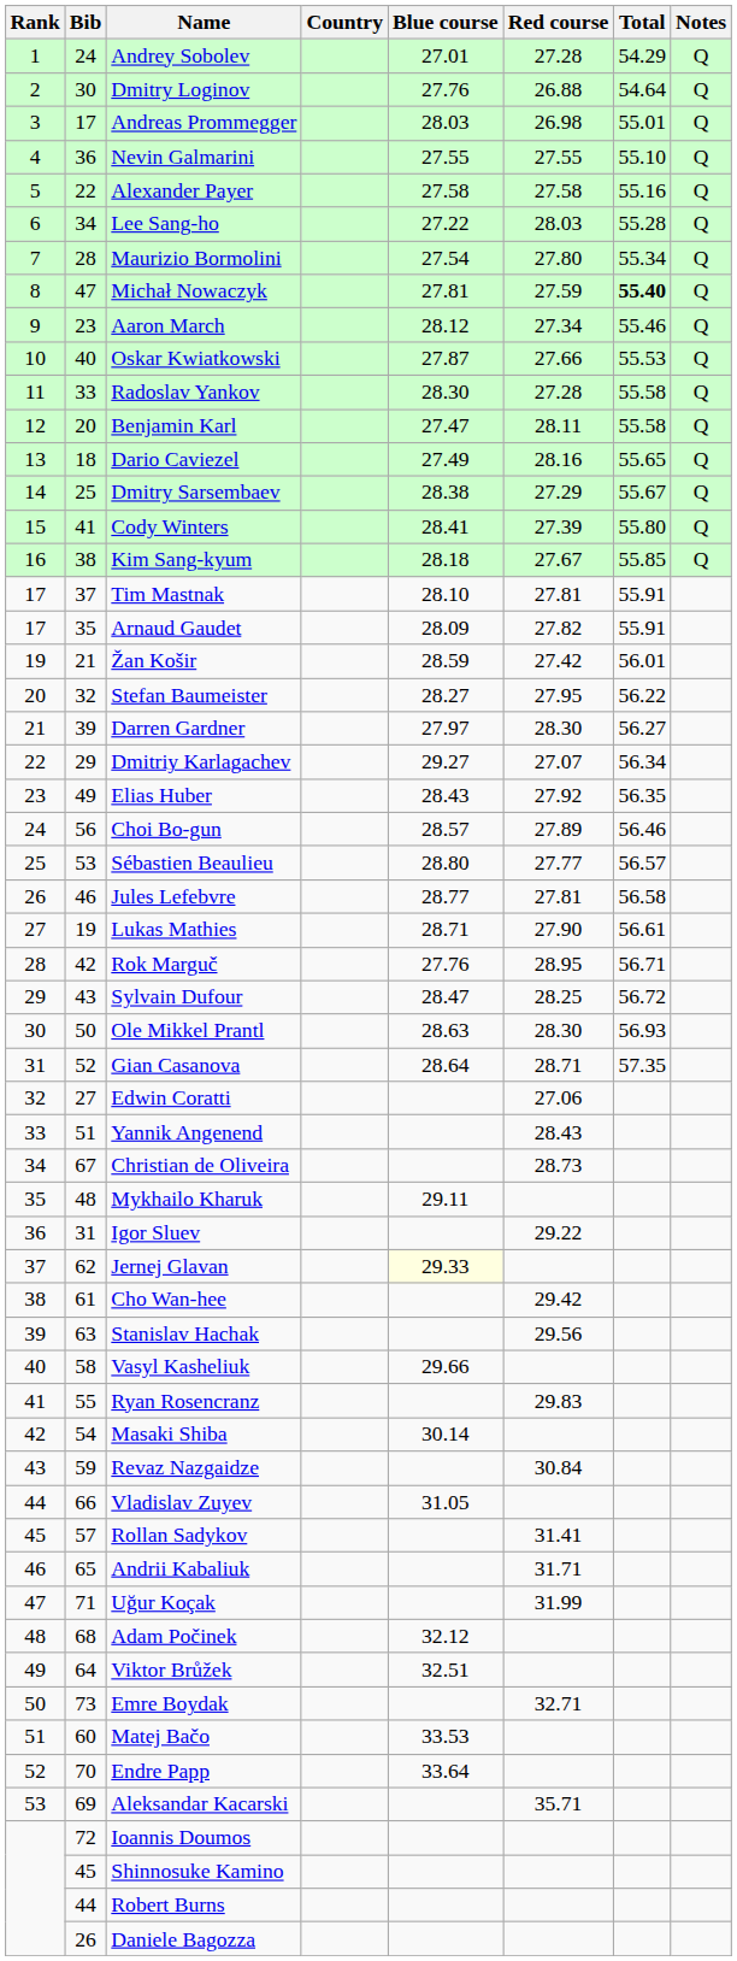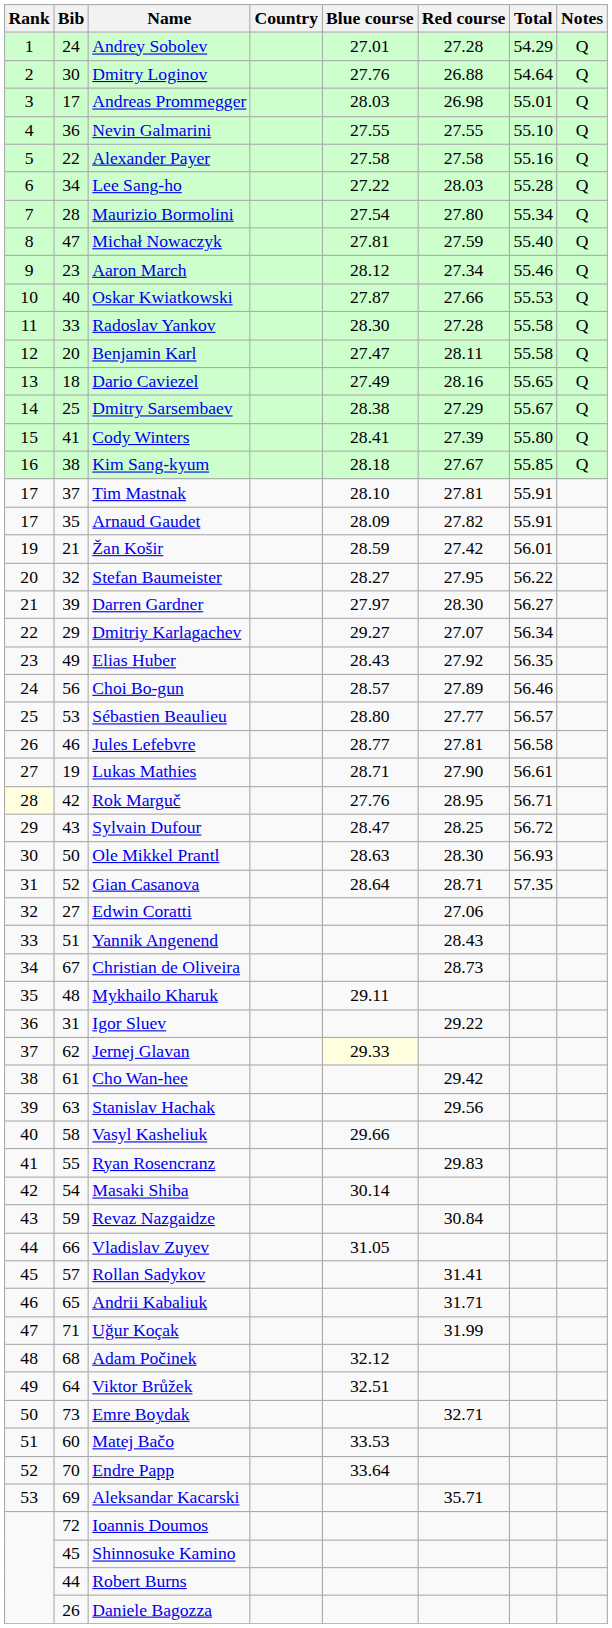 <table class="wikitable sortable" style="text-align:center">
 <tr>
 <th>Rank</th>
 <th>Bib</th>
 <th>Name</th>
 <th>Country</th>
 <th>Blue course</th>
 <th>Red course</th>
 <th>Total</th>
 <th>Notes</th>
 </tr>
 <tr bgcolor=ccffcc>
 <td>1</td>
 <td>24</td>
 <td align=left><a href='#'>Andrey Sobolev</a></td>
 <td align=left></td>
 <td>27.01</td>
 <td>27.28</td>
 <td>54.29</td>
 <td>Q</td>
 </tr>
 <tr bgcolor=ccffcc>
 <td>2</td>
 <td>30</td>
 <td align=left><a href='#'>Dmitry Loginov</a></td>
 <td align=left></td>
 <td>27.76</td>
 <td>26.88</td>
 <td>54.64</td>
 <td>Q</td>
 </tr>
 <tr bgcolor=ccffcc>
 <td>3</td>
 <td>17</td>
 <td align=left><a href='#'>Andreas Prommegger</a></td>
 <td align=left></td>
 <td>28.03</td>
 <td>26.98</td>
 <td>55.01</td>
 <td>Q</td>
 </tr>
 <tr bgcolor=ccffcc>
 <td>4</td>
 <td>36</td>
 <td align=left><a href='#'>Nevin Galmarini</a></td>
 <td align=left></td>
 <td>27.55</td>
 <td>27.55</td>
 <td>55.10</td>
 <td>Q</td>
 </tr>
 <tr bgcolor=ccffcc>
 <td>5</td>
 <td>22</td>
 <td align=left><a href='#'>Alexander Payer</a></td>
 <td align=left></td>
 <td>27.58</td>
 <td>27.58</td>
 <td>55.16</td>
 <td>Q</td>
 </tr>
 <tr bgcolor=ccffcc>
 <td>6</td>
 <td>34</td>
 <td align=left><a href='#'>Lee Sang-ho</a></td>
 <td align=left></td>
 <td>27.22</td>
 <td>28.03</td>
 <td>55.28</td>
 <td>Q</td>
 </tr>
 <tr bgcolor=ccffcc>
 <td>7</td>
 <td>28</td>
 <td align=left><a href='#'>Maurizio Bormolini</a></td>
 <td align=left></td>
 <td>27.54</td>
 <td>27.80</td>
 <td>55.34</td>
 <td>Q</td>
 </tr>
 <tr bgcolor=ccffcc>
 <td>8</td>
 <td>47</td>
 <td align=left><a href='#'>Michał Nowaczyk</a></td>
 <td align=left></td>
 <td>27.81</td>
 <td>27.59</td>
-<td><strong>55.40</strong></td>
+<td>55.40</td>
 <td>Q</td>
 </tr>
 <tr bgcolor=ccffcc>
 <td>9</td>
 <td>23</td>
 <td align=left><a href='#'>Aaron March</a></td>
 <td align=left></td>
 <td>28.12</td>
 <td>27.34</td>
 <td>55.46</td>
 <td>Q</td>
 </tr>
 <tr bgcolor=ccffcc>
 <td>10</td>
 <td>40</td>
 <td align=left><a href='#'>Oskar Kwiatkowski</a></td>
 <td align=left></td>
 <td>27.87</td>
 <td>27.66</td>
 <td>55.53</td>
 <td>Q</td>
 </tr>
 <tr bgcolor=ccffcc>
 <td>11</td>
 <td>33</td>
 <td align=left><a href='#'>Radoslav Yankov</a></td>
 <td align=left></td>
 <td>28.30</td>
 <td>27.28</td>
 <td>55.58</td>
 <td>Q</td>
 </tr>
 <tr bgcolor=ccffcc>
 <td>12</td>
 <td>20</td>
 <td align=left><a href='#'>Benjamin Karl</a></td>
 <td align=left></td>
 <td>27.47</td>
 <td>28.11</td>
 <td>55.58</td>
 <td>Q</td>
 </tr>
 <tr bgcolor=ccffcc>
 <td>13</td>
 <td>18</td>
 <td align=left><a href='#'>Dario Caviezel</a></td>
 <td align=left></td>
 <td>27.49</td>
 <td>28.16</td>
 <td>55.65</td>
 <td>Q</td>
 </tr>
 <tr bgcolor=ccffcc>
 <td>14</td>
 <td>25</td>
 <td align=left><a href='#'>Dmitry Sarsembaev</a></td>
 <td align=left></td>
 <td>28.38</td>
 <td>27.29</td>
 <td>55.67</td>
 <td>Q</td>
 </tr>
 <tr bgcolor=ccffcc>
 <td>15</td>
 <td>41</td>
 <td align=left><a href='#'>Cody Winters</a></td>
 <td align=left></td>
 <td>28.41</td>
 <td>27.39</td>
 <td>55.80</td>
 <td>Q</td>
 </tr>
 <tr bgcolor=ccffcc>
 <td>16</td>
 <td>38</td>
 <td align=left><a href='#'>Kim Sang-kyum</a></td>
 <td align=left></td>
 <td>28.18</td>
 <td>27.67</td>
 <td>55.85</td>
 <td>Q</td>
 </tr>
 <tr>
 <td>17</td>
 <td>37</td>
 <td align=left><a href='#'>Tim Mastnak</a></td>
 <td align=left></td>
 <td>28.10</td>
 <td>27.81</td>
 <td>55.91</td>
 <td></td>
 </tr>
 <tr>
 <td>17</td>
 <td>35</td>
 <td align=left><a href='#'>Arnaud Gaudet</a></td>
 <td align=left></td>
 <td>28.09</td>
 <td>27.82</td>
 <td>55.91</td>
 <td></td>
 </tr>
 <tr>
 <td>19</td>
 <td>21</td>
 <td align=left><a href='#'>Žan Košir</a></td>
 <td align=left></td>
 <td>28.59</td>
 <td>27.42</td>
 <td>56.01</td>
 <td></td>
 </tr>
 <tr>
 <td>20</td>
 <td>32</td>
 <td align=left><a href='#'>Stefan Baumeister</a></td>
 <td align=left></td>
 <td>28.27</td>
 <td>27.95</td>
 <td>56.22</td>
 <td></td>
 </tr>
 <tr>
 <td>21</td>
 <td>39</td>
 <td align=left><a href='#'>Darren Gardner</a></td>
 <td align=left></td>
 <td>27.97</td>
 <td>28.30</td>
 <td>56.27</td>
 <td></td>
 </tr>
 <tr>
 <td>22</td>
 <td>29</td>
 <td align=left><a href='#'>Dmitriy Karlagachev</a></td>
 <td align=left></td>
 <td>29.27</td>
 <td>27.07</td>
 <td>56.34</td>
 <td></td>
 </tr>
 <tr>
 <td>23</td>
 <td>49</td>
 <td align=left><a href='#'>Elias Huber</a></td>
 <td align=left></td>
 <td>28.43</td>
 <td>27.92</td>
 <td>56.35</td>
 <td></td>
 </tr>
 <tr>
 <td>24</td>
 <td>56</td>
 <td align=left><a href='#'>Choi Bo-gun</a></td>
 <td align=left></td>
 <td>28.57</td>
 <td>27.89</td>
 <td>56.46</td>
 <td></td>
 </tr>
 <tr>
 <td>25</td>
 <td>53</td>
 <td align=left><a href='#'>Sébastien Beaulieu</a></td>
 <td align=left></td>
 <td>28.80</td>
 <td>27.77</td>
 <td>56.57</td>
 <td></td>
 </tr>
 <tr>
 <td>26</td>
 <td>46</td>
 <td align=left><a href='#'>Jules Lefebvre</a></td>
 <td align=left></td>
 <td>28.77</td>
 <td>27.81</td>
 <td>56.58</td>
 <td></td>
 </tr>
 <tr>
 <td>27</td>
 <td>19</td>
 <td align=left><a href='#'>Lukas Mathies</a></td>
 <td align=left></td>
 <td>28.71</td>
 <td>27.90</td>
 <td>56.61</td>
 <td></td>
 </tr>
 <tr>
-<td>28</td>
+<td style="background: lightyellow;">28</td>
 <td>42</td>
 <td align=left><a href='#'>Rok Marguč</a></td>
 <td align=left></td>
 <td>27.76</td>
 <td>28.95</td>
 <td>56.71</td>
 <td></td>
 </tr>
 <tr>
 <td>29</td>
 <td>43</td>
 <td align=left><a href='#'>Sylvain Dufour</a></td>
 <td align=left></td>
 <td>28.47</td>
 <td>28.25</td>
 <td>56.72</td>
 <td></td>
 </tr>
 <tr>
 <td>30</td>
 <td>50</td>
 <td align=left><a href='#'>Ole Mikkel Prantl</a></td>
 <td align=left></td>
 <td>28.63</td>
 <td>28.30</td>
 <td>56.93</td>
 <td></td>
 </tr>
 <tr>
 <td>31</td>
 <td>52</td>
 <td align=left><a href='#'>Gian Casanova</a></td>
 <td align=left></td>
 <td>28.64</td>
 <td>28.71</td>
 <td>57.35</td>
 <td></td>
 </tr>
 <tr>
 <td>32</td>
 <td>27</td>
 <td align=left><a href='#'>Edwin Coratti</a></td>
 <td align=left></td>
 <td></td>
 <td>27.06</td>
 <td></td>
 <td></td>
 </tr>
 <tr>
 <td>33</td>
 <td>51</td>
 <td align=left><a href='#'>Yannik Angenend</a></td>
 <td align=left></td>
 <td></td>
 <td>28.43</td>
 <td></td>
 <td></td>
 </tr>
 <tr>
 <td>34</td>
 <td>67</td>
 <td align=left><a href='#'>Christian de Oliveira</a></td>
 <td align=left></td>
 <td></td>
 <td>28.73</td>
 <td></td>
 <td></td>
 </tr>
 <tr>
 <td>35</td>
 <td>48</td>
 <td align=left><a href='#'>Mykhailo Kharuk</a></td>
 <td align=left></td>
 <td>29.11</td>
 <td></td>
 <td></td>
 <td></td>
 </tr>
 <tr>
 <td>36</td>
 <td>31</td>
 <td align=left><a href='#'>Igor Sluev</a></td>
 <td align=left></td>
 <td></td>
 <td>29.22</td>
 <td></td>
 <td></td>
 </tr>
 <tr>
 <td>37</td>
 <td>62</td>
 <td align=left><a href='#'>Jernej Glavan</a></td>
 <td align=left></td>
 <td style="background: lightyellow;">29.33</td>
 <td></td>
 <td></td>
 <td></td>
 </tr>
 <tr>
 <td>38</td>
 <td>61</td>
 <td align=left><a href='#'>Cho Wan-hee</a></td>
 <td align=left></td>
 <td></td>
 <td>29.42</td>
 <td></td>
 <td></td>
 </tr>
 <tr>
 <td>39</td>
 <td>63</td>
 <td align=left><a href='#'>Stanislav Hachak</a></td>
 <td align=left></td>
 <td></td>
 <td>29.56</td>
 <td></td>
 <td></td>
 </tr>
 <tr>
 <td>40</td>
 <td>58</td>
 <td align=left><a href='#'>Vasyl Kasheliuk</a></td>
 <td align=left></td>
 <td>29.66</td>
 <td></td>
 <td></td>
 <td></td>
 </tr>
 <tr>
 <td>41</td>
 <td>55</td>
 <td align=left><a href='#'>Ryan Rosencranz</a></td>
 <td align=left></td>
 <td></td>
 <td>29.83</td>
 <td></td>
 <td></td>
 </tr>
 <tr>
 <td>42</td>
 <td>54</td>
 <td align=left><a href='#'>Masaki Shiba</a></td>
 <td align=left></td>
 <td>30.14</td>
 <td></td>
 <td></td>
 <td></td>
 </tr>
 <tr>
 <td>43</td>
 <td>59</td>
 <td align=left><a href='#'>Revaz Nazgaidze</a></td>
 <td align=left></td>
 <td></td>
 <td>30.84</td>
 <td></td>
 <td></td>
 </tr>
 <tr>
 <td>44</td>
 <td>66</td>
 <td align=left><a href='#'>Vladislav Zuyev</a></td>
 <td align=left></td>
 <td>31.05</td>
 <td></td>
 <td></td>
 <td></td>
 </tr>
 <tr>
 <td>45</td>
 <td>57</td>
 <td align=left><a href='#'>Rollan Sadykov</a></td>
 <td align=left></td>
 <td></td>
 <td>31.41</td>
 <td></td>
 <td></td>
 </tr>
 <tr>
 <td>46</td>
 <td>65</td>
 <td align=left><a href='#'>Andrii Kabaliuk</a></td>
 <td align=left></td>
 <td></td>
 <td>31.71</td>
 <td></td>
 <td></td>
 </tr>
 <tr>
 <td>47</td>
 <td>71</td>
 <td align=left><a href='#'>Uğur Koçak</a></td>
 <td align=left></td>
 <td></td>
 <td>31.99</td>
 <td></td>
 <td></td>
 </tr>
 <tr>
 <td>48</td>
 <td>68</td>
 <td align=left><a href='#'>Adam Počinek</a></td>
 <td align=left></td>
 <td>32.12</td>
 <td></td>
 <td></td>
 <td></td>
 </tr>
 <tr>
 <td>49</td>
 <td>64</td>
 <td align=left><a href='#'>Viktor Brůžek</a></td>
 <td align=left></td>
 <td>32.51</td>
 <td></td>
 <td></td>
 <td></td>
 </tr>
 <tr>
 <td>50</td>
 <td>73</td>
 <td align=left><a href='#'>Emre Boydak</a></td>
 <td align=left></td>
 <td></td>
 <td>32.71</td>
 <td></td>
 <td></td>
 </tr>
 <tr>
 <td>51</td>
 <td>60</td>
 <td align=left><a href='#'>Matej Bačo</a></td>
 <td align=left></td>
 <td>33.53</td>
 <td></td>
 <td></td>
 <td></td>
 </tr>
 <tr>
 <td>52</td>
 <td>70</td>
 <td align=left><a href='#'>Endre Papp</a></td>
 <td align=left></td>
 <td>33.64</td>
 <td></td>
 <td></td>
 <td></td>
 </tr>
 <tr>
 <td>53</td>
 <td>69</td>
 <td align=left><a href='#'>Aleksandar Kacarski</a></td>
 <td align=left></td>
 <td></td>
 <td>35.71</td>
 <td></td>
 <td></td>
 </tr>
 <tr>
 <td rowspan=4></td>
 <td>72</td>
 <td align=left><a href='#'>Ioannis Doumos</a></td>
 <td align=left></td>
 <td></td>
 <td></td>
 <td></td>
 <td></td>
 </tr>
 <tr>
 <td>45</td>
 <td align=left><a href='#'>Shinnosuke Kamino</a></td>
 <td align=left></td>
 <td></td>
 <td></td>
 <td></td>
 <td></td>
 </tr>
 <tr>
 <td>44</td>
 <td align=left><a href='#'>Robert Burns</a></td>
 <td align=left></td>
 <td></td>
 <td></td>
 <td></td>
 <td></td>
 </tr>
 <tr>
 <td>26</td>
 <td align=left><a href='#'>Daniele Bagozza</a></td>
 <td align=left></td>
 <td></td>
 <td></td>
 <td></td>
 <td></td>
 </tr>
 </table>
